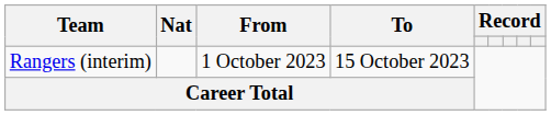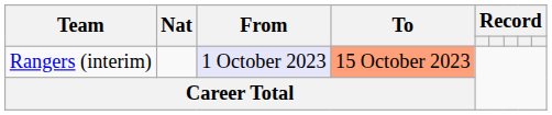 <table class="wikitable" style="text-align: center">
 <tr>
 <th rowspan="2">Team</th>
 <th rowspan="2">Nat</th>
 <th rowspan="2">From</th>
 <th rowspan="2">To</th>
 <th colspan="5">Record</th>
 </tr>
 <tr>
 <th></th>
 <th></th>
 <th></th>
 <th></th>
 <th></th>
 </tr>
 <tr>
 <td align="center"><a href='#'>Rangers</a> (interim)</td>
 <td align="center"></td>
-<td align="center">1 October 2023</td>
-<td align="center">15 October 2023<br></td>
+<td align="center" style="background: lavender;">1 October 2023</td>
+<td align="center" style="background: lightsalmon;">15 October 2023<br></td>
 </tr>
 <tr>
 <th colspan=4><strong>Career Total</strong><br></th>
 </tr>
 </table>
